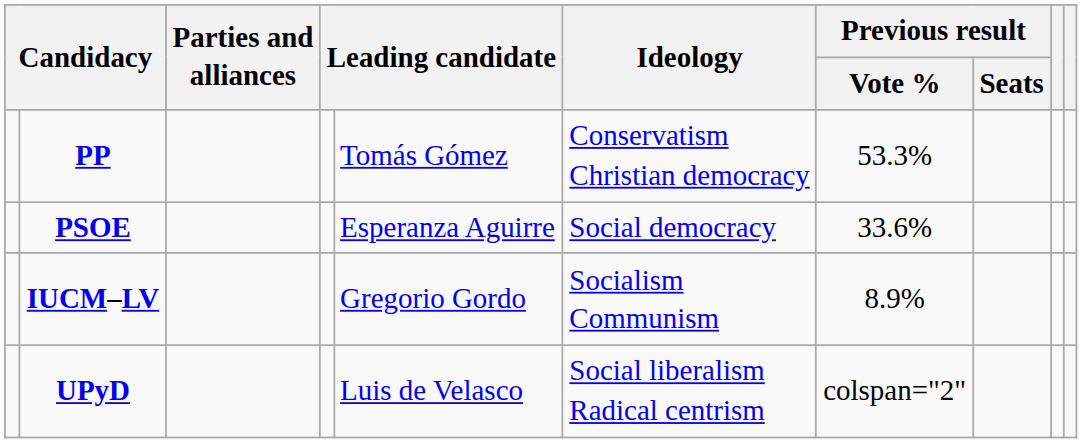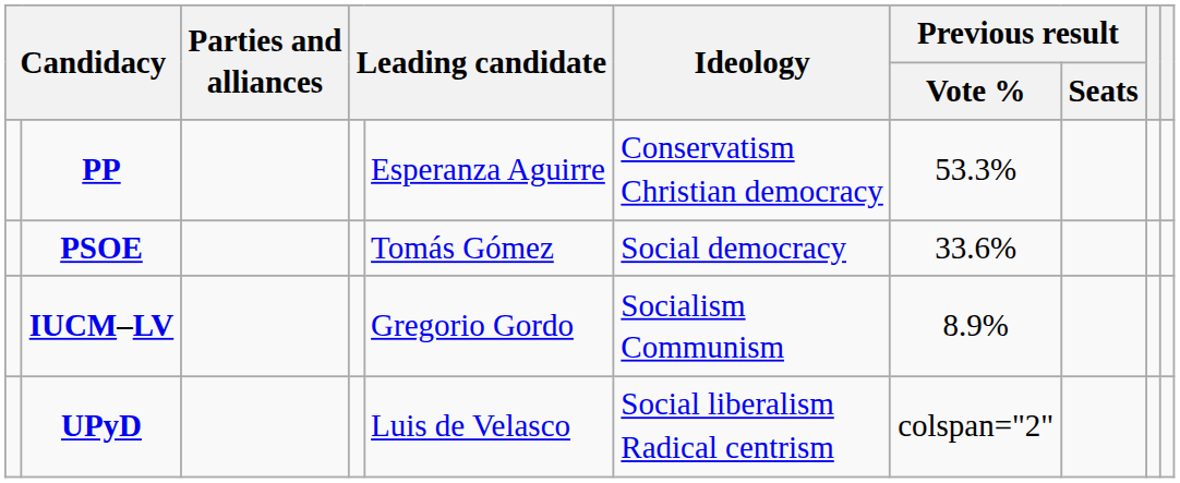 <table class="wikitable" style="line-height:1.35em; text-align:left;">
 <tr>
 <th colspan="2" rowspan="2">Candidacy</th>
 <th rowspan="2">Parties and<br>alliances</th>
 <th colspan="2" rowspan="2">Leading candidate</th>
 <th rowspan="2">Ideology</th>
 <th colspan="2">Previous result</th>
 <th rowspan="2"></th>
 <th rowspan="2"></th>
 </tr>
 <tr>
 <th>Vote %</th>
 <th>Seats</th>
 </tr>
 <tr>
 <td width="1" style="color:inherit;background:"></td>
 <td align="center"><strong><a href='#'>PP</a></strong></td>
 <td></td>
 <td></td>
-<td><a href='#'>Tomás Gómez</a></td>
+<td><a href='#'>Esperanza Aguirre</a></td>
 <td><a href='#'>Conservatism</a><br><a href='#'>Christian democracy</a></td>
 <td align="center">53.3%</td>
 <td></td>
 <td></td>
 <td></td>
 </tr>
 <tr>
 <td style="color:inherit;background:"></td>
 <td align="center"><strong><a href='#'>PSOE</a></strong></td>
 <td></td>
 <td></td>
-<td><a href='#'>Esperanza Aguirre</a></td>
+<td><a href='#'>Tomás Gómez</a></td>
 <td><a href='#'>Social democracy</a></td>
 <td align="center">33.6%</td>
 <td></td>
 <td></td>
 <td></td>
 </tr>
 <tr>
 <td style="color:inherit;background:"></td>
 <td align="center"><strong><a href='#'>IUCM</a>–<a href='#'>LV</a></strong></td>
 <td></td>
 <td></td>
 <td><a href='#'>Gregorio Gordo</a></td>
 <td><a href='#'>Socialism</a><br><a href='#'>Communism</a></td>
 <td align="center">8.9%</td>
 <td></td>
 <td></td>
 <td></td>
 </tr>
 <tr>
 <td style="color:inherit;background:"></td>
 <td align="center"><strong><a href='#'>UPyD</a></strong></td>
 <td></td>
 <td></td>
 <td><a href='#'>Luis de Velasco</a></td>
 <td><a href='#'>Social liberalism</a><br><a href='#'>Radical centrism</a></td>
 <td>colspan="2" </td>
 <td></td>
 <td></td>
 </tr>
 </table>
